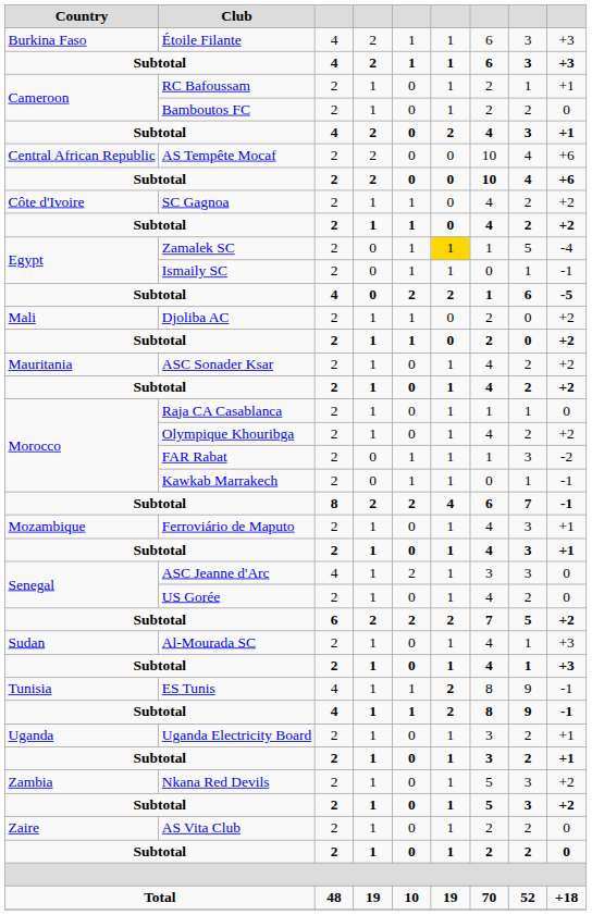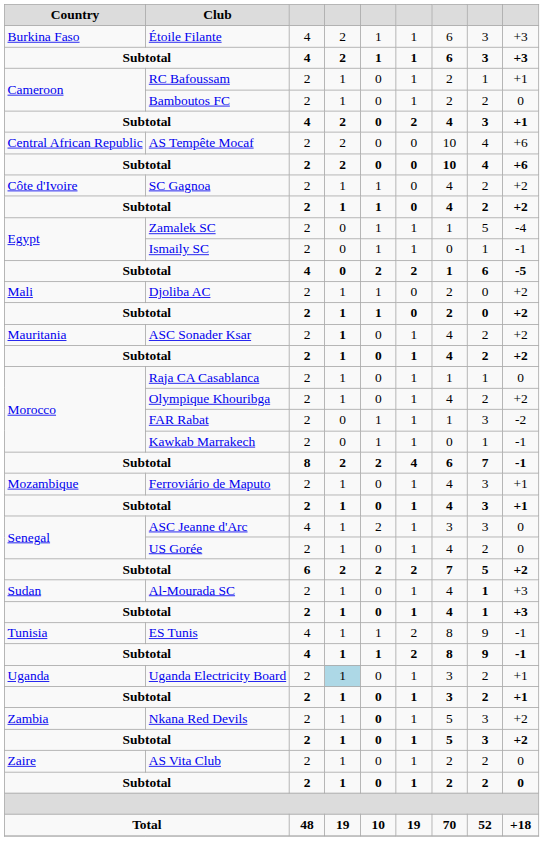 <table class="wikitable" style="text-align: center;">
 <tr>
 <th style="background:#DCDCDC">Country</th>
 <th style="background:#DCDCDC">Club</th>
 <th width="35" style="background:#DCDCDC"></th>
 <th width="35" style="background:#DCDCDC"></th>
 <th width="35" style="background:#DCDCDC"></th>
 <th width="35" style="background:#DCDCDC"></th>
 <th width="35" style="background:#DCDCDC"></th>
 <th width="35" style="background:#DCDCDC"></th>
 <th width="35" style="background:#DCDCDC"></th>
 </tr>
 <tr>
 <td align=left> <a href='#'>Burkina Faso</a></td>
 <td align=left><a href='#'>Étoile Filante</a></td>
 <td>4</td>
 <td>2</td>
 <td>1</td>
 <td>1</td>
 <td>6</td>
 <td>3</td>
 <td>+3</td>
 </tr>
 <tr>
 <td colspan=2 align-"center"><strong>Subtotal</strong></td>
 <td><strong>4</strong></td>
 <td><strong>2</strong></td>
 <td><strong>1</strong></td>
 <td><strong>1</strong></td>
 <td><strong>6</strong></td>
 <td><strong>3</strong></td>
 <td><strong>+3</strong></td>
 </tr>
 <tr>
 <td rowspan=2 align=left> <a href='#'>Cameroon</a></td>
 <td align=left><a href='#'>RC Bafoussam</a></td>
 <td>2</td>
 <td>1</td>
 <td>0</td>
 <td>1</td>
 <td>2</td>
 <td>1</td>
 <td>+1</td>
 </tr>
 <tr>
 <td align=left><a href='#'>Bamboutos FC</a></td>
 <td>2</td>
 <td>1</td>
 <td>0</td>
 <td>1</td>
 <td>2</td>
 <td>2</td>
 <td>0</td>
 </tr>
 <tr>
 <td colspan=2 align-"center"><strong>Subtotal</strong></td>
 <td><strong>4</strong></td>
 <td><strong>2</strong></td>
 <td><strong>0</strong></td>
 <td><strong>2</strong></td>
 <td><strong>4</strong></td>
 <td><strong>3</strong></td>
 <td><strong>+1</strong></td>
 </tr>
 <tr>
 <td align=left> <a href='#'>Central African Republic</a></td>
 <td align=left><a href='#'>AS Tempête Mocaf</a></td>
 <td>2</td>
 <td>2</td>
 <td>0</td>
 <td>0</td>
 <td>10</td>
 <td>4</td>
 <td>+6</td>
 </tr>
 <tr>
 <td colspan=2 align-"center"><strong>Subtotal</strong></td>
 <td><strong>2</strong></td>
 <td><strong>2</strong></td>
 <td><strong>0</strong></td>
 <td><strong>0</strong></td>
 <td><strong>10</strong></td>
 <td><strong>4</strong></td>
 <td><strong>+6</strong></td>
 </tr>
 <tr>
 <td align=left> <a href='#'>Côte d'Ivoire</a></td>
 <td align=left><a href='#'>SC Gagnoa</a></td>
 <td>2</td>
 <td>1</td>
 <td>1</td>
 <td>0</td>
 <td>4</td>
 <td>2</td>
 <td>+2</td>
 </tr>
 <tr>
 <td colspan=2 align-"center"><strong>Subtotal</strong></td>
 <td><strong>2</strong></td>
 <td><strong>1</strong></td>
 <td><strong>1</strong></td>
 <td><strong>0</strong></td>
 <td><strong>4</strong></td>
 <td><strong>2</strong></td>
 <td><strong>+2</strong></td>
 </tr>
 <tr>
 <td rowspan=2 align=left> <a href='#'>Egypt</a></td>
 <td align=left><a href='#'>Zamalek SC</a></td>
 <td>2</td>
 <td>0</td>
 <td>1</td>
-<td style="background: gold;">1</td>
+<td>1</td>
 <td>1</td>
 <td>5</td>
 <td>-4</td>
 </tr>
 <tr>
 <td align=left><a href='#'>Ismaily SC</a></td>
 <td>2</td>
 <td>0</td>
 <td>1</td>
 <td>1</td>
 <td>0</td>
 <td>1</td>
 <td>-1</td>
 </tr>
 <tr>
 <td colspan=2 align-"center"><strong>Subtotal</strong></td>
 <td><strong>4</strong></td>
 <td><strong>0</strong></td>
 <td><strong>2</strong></td>
 <td><strong>2</strong></td>
 <td><strong>1</strong></td>
 <td><strong>6</strong></td>
 <td><strong>-5</strong></td>
 </tr>
 <tr>
 <td align=left> <a href='#'>Mali</a></td>
 <td align=left><a href='#'>Djoliba AC</a></td>
 <td>2</td>
 <td>1</td>
 <td>1</td>
 <td>0</td>
 <td>2</td>
 <td>0</td>
 <td>+2</td>
 </tr>
 <tr>
 <td colspan=2 align-"center"><strong>Subtotal</strong></td>
 <td><strong>2</strong></td>
 <td><strong>1</strong></td>
 <td><strong>1</strong></td>
 <td><strong>0</strong></td>
 <td><strong>2</strong></td>
 <td><strong>0</strong></td>
 <td><strong>+2</strong></td>
 </tr>
 <tr>
 <td align=left> <a href='#'>Mauritania</a></td>
 <td align=left><a href='#'>ASC Sonader Ksar</a></td>
 <td>2</td>
-<td>1</td>
+<td><strong>1</strong></td>
 <td>0</td>
 <td>1</td>
 <td>4</td>
 <td>2</td>
 <td>+2</td>
 </tr>
 <tr>
 <td colspan=2 align-"center"><strong>Subtotal</strong></td>
 <td><strong>2</strong></td>
 <td><strong>1</strong></td>
 <td><strong>0</strong></td>
 <td><strong>1</strong></td>
 <td><strong>4</strong></td>
 <td><strong>2</strong></td>
 <td><strong>+2</strong></td>
 </tr>
 <tr>
 <td rowspan=4 align=left> <a href='#'>Morocco</a></td>
 <td align=left><a href='#'>Raja CA Casablanca</a></td>
 <td>2</td>
 <td>1</td>
 <td>0</td>
 <td>1</td>
 <td>1</td>
 <td>1</td>
 <td>0</td>
 </tr>
 <tr>
 <td align=left><a href='#'>Olympique Khouribga</a></td>
 <td>2</td>
 <td>1</td>
 <td>0</td>
 <td>1</td>
 <td>4</td>
 <td>2</td>
 <td>+2</td>
 </tr>
 <tr>
 <td align=left><a href='#'>FAR Rabat</a></td>
 <td>2</td>
 <td>0</td>
 <td>1</td>
 <td>1</td>
 <td>1</td>
 <td>3</td>
 <td>-2</td>
 </tr>
 <tr>
 <td align=left><a href='#'>Kawkab Marrakech</a></td>
 <td>2</td>
 <td>0</td>
 <td>1</td>
 <td>1</td>
 <td>0</td>
 <td>1</td>
 <td>-1</td>
 </tr>
 <tr>
 <td colspan=2 align-"center"><strong>Subtotal</strong></td>
 <td><strong>8</strong></td>
 <td><strong>2</strong></td>
 <td><strong>2</strong></td>
 <td><strong>4</strong></td>
 <td><strong>6</strong></td>
 <td><strong>7</strong></td>
 <td><strong>-1</strong></td>
 </tr>
 <tr>
 <td align=left> <a href='#'>Mozambique</a></td>
 <td align=left><a href='#'>Ferroviário de Maputo</a></td>
 <td>2</td>
 <td>1</td>
 <td>0</td>
 <td>1</td>
 <td>4</td>
 <td>3</td>
 <td>+1</td>
 </tr>
 <tr>
 <td colspan=2 align-"center"><strong>Subtotal</strong></td>
 <td><strong>2</strong></td>
 <td><strong>1</strong></td>
 <td><strong>0</strong></td>
 <td><strong>1</strong></td>
 <td><strong>4</strong></td>
 <td><strong>3</strong></td>
 <td><strong>+1</strong></td>
 </tr>
 <tr>
 <td rowspan=2 align=left> <a href='#'>Senegal</a></td>
 <td align=left><a href='#'>ASC Jeanne d'Arc</a></td>
 <td>4</td>
 <td>1</td>
 <td>2</td>
 <td>1</td>
 <td>3</td>
 <td>3</td>
 <td>0</td>
 </tr>
 <tr>
 <td align=left><a href='#'>US Gorée</a></td>
 <td>2</td>
 <td>1</td>
 <td>0</td>
 <td>1</td>
 <td>4</td>
 <td>2</td>
 <td>0</td>
 </tr>
 <tr>
 <td colspan=2 align-"center"><strong>Subtotal</strong></td>
 <td><strong>6</strong></td>
 <td><strong>2</strong></td>
 <td><strong>2</strong></td>
 <td><strong>2</strong></td>
 <td><strong>7</strong></td>
 <td><strong>5</strong></td>
 <td><strong>+2</strong></td>
 </tr>
 <tr>
 <td align=left> <a href='#'>Sudan</a></td>
 <td align=left><a href='#'>Al-Mourada SC</a></td>
 <td>2</td>
 <td>1</td>
 <td>0</td>
 <td>1</td>
 <td>4</td>
-<td>1</td>
+<td><strong>1</strong></td>
 <td>+3</td>
 </tr>
 <tr>
 <td colspan=2 align-"center"><strong>Subtotal</strong></td>
 <td><strong>2</strong></td>
 <td><strong>1</strong></td>
 <td><strong>0</strong></td>
 <td><strong>1</strong></td>
 <td><strong>4</strong></td>
 <td><strong>1</strong></td>
 <td><strong>+3</strong></td>
 </tr>
 <tr>
 <td align=left> <a href='#'>Tunisia</a></td>
 <td align=left><a href='#'>ES Tunis</a></td>
 <td>4</td>
 <td>1</td>
 <td>1</td>
-<td><strong>2</strong></td>
+<td>2</td>
 <td>8</td>
 <td>9</td>
 <td>-1</td>
 </tr>
 <tr>
 <td colspan=2 align-"center"><strong>Subtotal</strong></td>
 <td><strong>4</strong></td>
 <td><strong>1</strong></td>
 <td><strong>1</strong></td>
 <td><strong>2</strong></td>
 <td><strong>8</strong></td>
 <td><strong>9</strong></td>
 <td><strong>-1</strong></td>
 </tr>
 <tr>
 <td align=left> <a href='#'>Uganda</a></td>
 <td align=left><a href='#'>Uganda Electricity Board</a></td>
 <td>2</td>
-<td>1</td>
+<td style="background: lightblue;">1</td>
 <td>0</td>
 <td>1</td>
 <td>3</td>
 <td>2</td>
 <td>+1</td>
 </tr>
 <tr>
 <td colspan=2 align-"center"><strong>Subtotal</strong></td>
 <td><strong>2</strong></td>
 <td><strong>1</strong></td>
 <td><strong>0</strong></td>
 <td><strong>1</strong></td>
 <td><strong>3</strong></td>
 <td><strong>2</strong></td>
 <td><strong>+1</strong></td>
 </tr>
 <tr>
 <td align=left> <a href='#'>Zambia</a></td>
 <td align=left><a href='#'>Nkana Red Devils</a></td>
 <td>2</td>
 <td>1</td>
-<td>0</td>
+<td><strong>0</strong></td>
 <td>1</td>
 <td>5</td>
 <td>3</td>
 <td>+2</td>
 </tr>
 <tr>
 <td colspan=2 align-"center"><strong>Subtotal</strong></td>
 <td><strong>2</strong></td>
 <td><strong>1</strong></td>
 <td><strong>0</strong></td>
 <td><strong>1</strong></td>
 <td><strong>5</strong></td>
 <td><strong>3</strong></td>
 <td><strong>+2</strong></td>
 </tr>
 <tr>
 <td align=left> <a href='#'>Zaire</a></td>
 <td align=left><a href='#'>AS Vita Club</a></td>
 <td>2</td>
 <td>1</td>
 <td>0</td>
 <td>1</td>
 <td>2</td>
 <td>2</td>
 <td>0</td>
 </tr>
 <tr>
 <td colspan=2 align-"center"><strong>Subtotal</strong></td>
 <td><strong>2</strong></td>
 <td><strong>1</strong></td>
 <td><strong>0</strong></td>
 <td><strong>1</strong></td>
 <td><strong>2</strong></td>
 <td><strong>2</strong></td>
 <td><strong>0</strong></td>
 </tr>
 <tr>
 <th colspan=9 height="18" style="background:#DCDCDC"></th>
 </tr>
 <tr>
 <td colspan=2 align-"center"><strong>Total</strong></td>
 <td><strong>48</strong></td>
 <td><strong>19</strong></td>
 <td><strong>10</strong></td>
 <td><strong>19</strong></td>
 <td><strong>70</strong></td>
 <td><strong>52</strong></td>
 <td><strong>+18</strong></td>
 </tr>
 <tr>
 </tr>
 </table>
